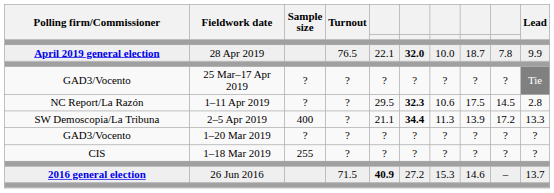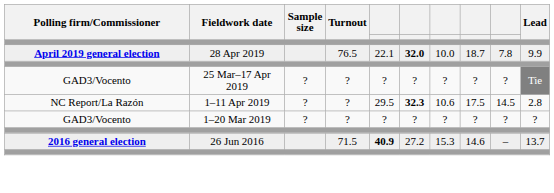 <table class="wikitable collapsible collapsed" style="text-align:center; font-size:95%; line-height:16px;">
 <tr style="height:42px;">
 <th style="width:250px;" rowspan="2">Polling firm/Commissioner</th>
 <th style="width:125px;" rowspan="2">Fieldwork date</th>
 <th style="width:50px;" rowspan="2">Sample size</th>
 <th style="width:45px;" rowspan="2">Turnout</th>
 <th style="width:35px;"></th>
 <th style="width:35px;"></th>
 <th style="width:35px;"></th>
 <th style="width:35px;"></th>
 <th style="width:35px;"></th>
 <th style="width:30px;" rowspan="2">Lead</th>
 </tr>
 <tr>
 <th style="color:inherit;background:"></th>
 <th style="color:inherit;background:"></th>
 <th style="color:inherit;background:"></th>
 <th style="color:inherit;background:"></th>
 <th style="color:inherit;background:"></th>
 </tr>
 <tr>
 <td colspan="10" style="background:#A0A0A0"></td>
 </tr>
 <tr style="background:#EFEFEF;">
 <td><strong><a href='#'>April 2019 general election</a></strong></td>
 <td>28 Apr 2019</td>
 <td></td>
 <td>76.5</td>
 <td>22.1<br></td>
 <td><strong>32.0</strong><br></td>
 <td>10.0<br></td>
 <td>18.7<br></td>
 <td>7.8<br></td>
 <td style="background:">9.9</td>
 </tr>
 <tr>
 <td colspan="10" style="background:#A0A0A0"></td>
 </tr>
 <tr>
 <td>GAD3/Vocento</td>
 <td>25 Mar–17 Apr 2019</td>
 <td>?</td>
 <td>?</td>
 <td>?<br></td>
 <td>?<br></td>
 <td>?<br></td>
 <td>?<br></td>
 <td>?<br></td>
 <td style="background:gray;color:white;">Tie</td>
 </tr>
 <tr>
 <td>NC Report/La Razón</td>
 <td>1–11 Apr 2019</td>
 <td>?</td>
 <td>?</td>
 <td>29.5<br></td>
 <td><strong>32.3</strong><br></td>
 <td>10.6<br></td>
 <td>17.5<br></td>
 <td>14.5<br></td>
 <td style="background:">2.8</td>
 </tr>
 <tr>
-<td>SW Demoscopia/La Tribuna</td>
-<td>2–5 Apr 2019</td>
-<td>400</td>
-<td>?</td>
-<td>21.1<br></td>
-<td><strong>34.4</strong><br></td>
-<td>11.3<br></td>
-<td>13.9<br></td>
-<td>17.2<br></td>
-<td style="background:">13.3</td>
-</tr>
-<tr>
 <td>GAD3/Vocento</td>
 <td>1–20 Mar 2019</td>
 <td>?</td>
-<td>?</td>
-<td>?<br></td>
-<td>?<br></td>
-<td>?<br></td>
-<td>?<br></td>
-<td>?<br></td>
-<td style="background:">?</td>
-</tr>
-<tr>
-<td>CIS</td>
-<td>1–18 Mar 2019</td>
-<td>255</td>
 <td>?</td>
 <td>?<br></td>
 <td>?<br></td>
 <td>?<br></td>
 <td>?<br></td>
 <td>?<br></td>
 <td style="background:">?</td>
 </tr>
 <tr>
 <td colspan="10" style="background:#A0A0A0"></td>
 </tr>
 <tr style="background:#EFEFEF;">
 <td><strong><a href='#'>2016 general election</a></strong></td>
 <td>26 Jun 2016</td>
 <td></td>
 <td>71.5</td>
 <td><strong>40.9</strong><br></td>
 <td>27.2<br></td>
 <td>15.3<br></td>
 <td>14.6<br></td>
 <td>–</td>
 <td style="background:">13.7</td>
 </tr>
 <tr>
 <td colspan="10" style="background:#A0A0A0"></td>
 </tr>
 </table>
